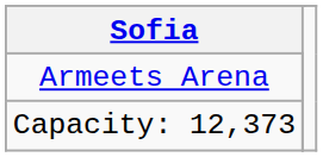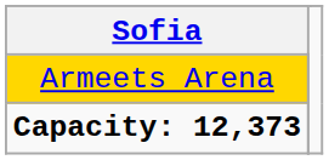 <table class="wikitable" style="text-align:center;">
 <tr>
 <th colspan=2><a href='#'>Sofia</a></th>
 <td rowspan="4"><br></td>
 </tr>
 <tr>
-<td><a href='#'>Armeets Arena</a></td>
+<td style="background: gold;"><a href='#'>Armeets Arena</a></td>
 </tr>
 <tr>
-<td>Capacity: 12,373</td>
+<td><strong>Capacity: 12,373</strong></td>
 </tr>
 </table>
